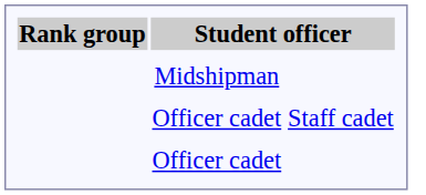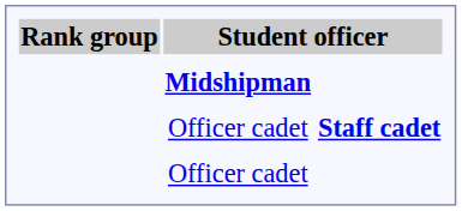 <table style="border:1px solid #8888aa; background-color:#f7f8ff; padding:5px; font-size:95%; margin: 0px 12px 12px 0px; text-align:center;">
 <tr bgcolor="#CCCCCC">
 <th>Rank group</th>
 <th colspan=2>Student officer</th>
 </tr>
 <tr>
 <td rowspan=2><strong></strong></td>
 <td></td>
 </tr>
 <tr>
-<td><a href='#'>Midshipman</a></td>
+<td><strong><a href='#'>Midshipman</a></strong></td>
 </tr>
 <tr>
 <td rowspan=2><strong></strong></td>
 <td></td>
 <td></td>
 </tr>
 <tr>
 <td><a href='#'>Officer cadet</a></td>
-<td><a href='#'>Staff cadet</a></td>
+<td><strong><a href='#'>Staff cadet</a></strong></td>
 </tr>
 <tr>
 <td rowspan=2><strong></strong></td>
 <td></td>
 </tr>
 <tr>
 <td><a href='#'>Officer cadet</a></td>
 </tr>
 </table>
